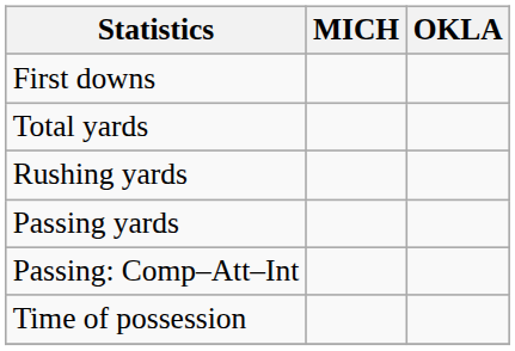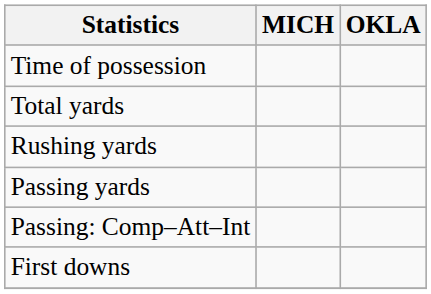 <table class="wikitable" style="float: left;">
 <tr>
 <th>Statistics</th>
 <th>MICH</th>
 <th>OKLA</th>
 </tr>
 <tr>
-<td>First downs</td>
+<td>Time of possession</td>
 <td></td>
 <td></td>
 </tr>
 <tr>
 <td>Total yards</td>
 <td></td>
 <td></td>
 </tr>
 <tr>
 <td>Rushing yards</td>
 <td></td>
 <td></td>
 </tr>
 <tr>
 <td>Passing yards</td>
 <td></td>
 <td></td>
 </tr>
 <tr>
 <td>Passing: Comp–Att–Int</td>
 <td></td>
 <td></td>
 </tr>
 <tr>
-<td>Time of possession</td>
+<td>First downs</td>
 <td></td>
 <td></td>
 </tr>
 <tr>
 </tr>
 </table>
